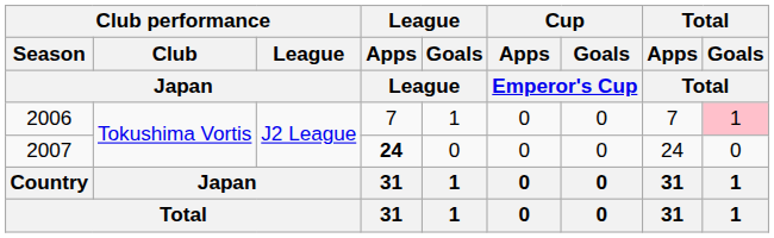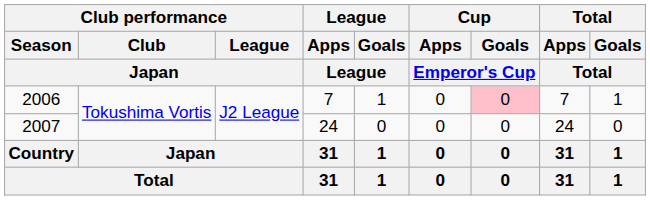 <table class="wikitable" style="text-align:center;">
 <tr>
 <th colspan=3>Club performance</th>
 <th colspan=2>League</th>
 <th colspan=2>Cup</th>
 <th colspan=2>Total</th>
 </tr>
 <tr>
 <th>Season</th>
 <th>Club</th>
 <th>League</th>
 <th>Apps</th>
 <th>Goals</th>
 <th>Apps</th>
 <th>Goals</th>
 <th>Apps</th>
 <th>Goals</th>
 </tr>
 <tr>
 <th colspan=3>Japan</th>
 <th colspan=2>League</th>
 <th colspan=2><a href='#'>Emperor's Cup</a></th>
 <th colspan=2>Total</th>
 </tr>
 <tr>
 <td>2006</td>
 <td rowspan="2"><a href='#'>Tokushima Vortis</a></td>
 <td rowspan="2"><a href='#'>J2 League</a></td>
 <td>7</td>
 <td>1</td>
 <td>0</td>
-<td>0</td>
+<td style="background: pink;">0</td>
 <td>7</td>
-<td style="background: pink;">1</td>
+<td>1</td>
 </tr>
 <tr>
 <td>2007</td>
-<td><strong>24</strong></td>
+<td>24</td>
 <td>0</td>
 <td>0</td>
 <td>0</td>
 <td>24</td>
 <td>0</td>
 </tr>
 <tr>
 <th rowspan=1>Country</th>
 <th colspan=2>Japan</th>
 <th>31</th>
 <th>1</th>
 <th>0</th>
 <th>0</th>
 <th>31</th>
 <th>1</th>
 </tr>
 <tr>
 <th colspan=3>Total</th>
 <th>31</th>
 <th>1</th>
 <th>0</th>
 <th>0</th>
 <th>31</th>
 <th>1</th>
 </tr>
 </table>
